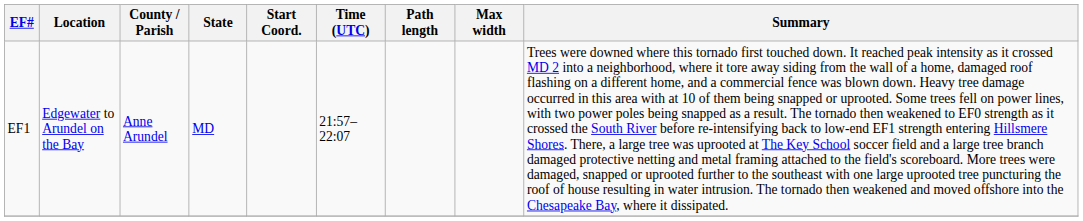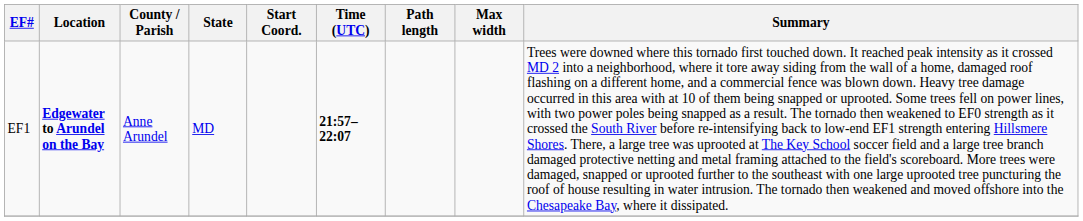 <table class="wikitable sortable" style="width:100%;">
 <tr>
 <th scope="col"  style="width:3%; text-align:center;"><a href='#'>EF#</a></th>
 <th scope="col"  style="width:7%; text-align:center;" class="unsortable">Location</th>
 <th scope="col"  style="width:6%; text-align:center;" class="unsortable">County / Parish</th>
 <th scope="col"  style="width:5%; text-align:center;">State</th>
 <th scope="col"  style="width:6%; text-align:center;">Start Coord.</th>
 <th scope="col"  style="width:6%; text-align:center;">Time (<a href='#'>UTC</a>)</th>
 <th scope="col"  style="width:6%; text-align:center;">Path length</th>
 <th scope="col"  style="width:6%; text-align:center;">Max width</th>
 <th scope="col" class="unsortable" style="width:48%; text-align:center;">Summary</th>
 </tr>
 <tr>
 <td>EF1 </td>
-<td><a href='#'>Edgewater</a> to <a href='#'>Arundel on the Bay</a></td>
+<td><strong><a href='#'>Edgewater</a> to <a href='#'>Arundel on the Bay</a></strong></td>
 <td><a href='#'>Anne Arundel</a></td>
 <td><a href='#'>MD</a></td>
 <td></td>
-<td>21:57–22:07</td>
+<td><strong>21:57–22:07</strong></td>
 <td></td>
 <td></td>
 <td>Trees were downed where this tornado first touched down. It reached peak intensity as it crossed <a href='#'>MD 2</a> into a neighborhood, where it tore away siding from the wall of a home, damaged roof flashing on a different home, and a commercial fence was blown down. Heavy tree damage occurred in this area with at 10 of them being snapped or uprooted. Some trees fell on power lines, with two power poles being snapped as a result. The tornado then weakened to EF0 strength as it crossed the <a href='#'>South River</a> before re-intensifying back to low-end EF1 strength entering <a href='#'>Hillsmere Shores</a>. There, a large tree was uprooted at <a href='#'>The Key School</a> soccer field and a large tree branch damaged protective netting and metal framing attached to the field's scoreboard. More trees were damaged, snapped or uprooted further to the southeast with one large uprooted tree puncturing the roof of house resulting in water intrusion. The tornado then weakened and moved offshore into the <a href='#'>Chesapeake Bay</a>, where it dissipated.</td>
 </tr>
 <tr>
 </tr>
 </table>
